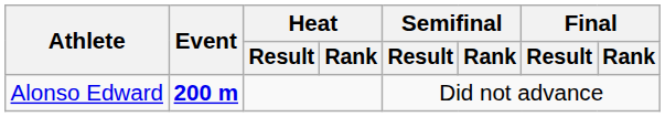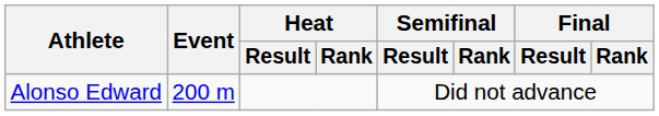 <table class="wikitable" style="font-size:90%">
 <tr>
 <th rowspan="2">Athlete</th>
 <th rowspan="2">Event</th>
 <th colspan="2">Heat</th>
 <th colspan="2">Semifinal</th>
 <th colspan="2">Final</th>
 </tr>
 <tr style="font-size:95%">
 <th>Result</th>
 <th>Rank</th>
 <th>Result</th>
 <th>Rank</th>
 <th>Result</th>
 <th>Rank</th>
 </tr>
 <tr align=center>
 <td align=left><a href='#'>Alonso Edward</a></td>
-<td align=left><strong><a href='#'>200 m</a></strong></td>
+<td align=left><a href='#'>200 m</a></td>
 <td colspan=2></td>
 <td colspan=4>Did not advance</td>
 </tr>
 </table>
